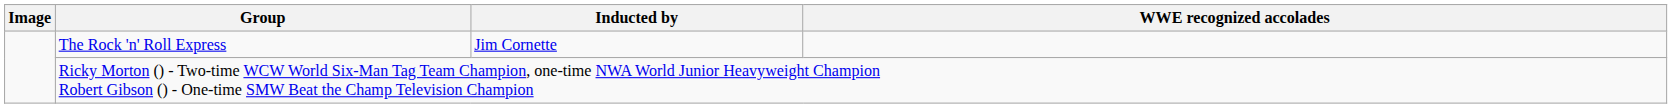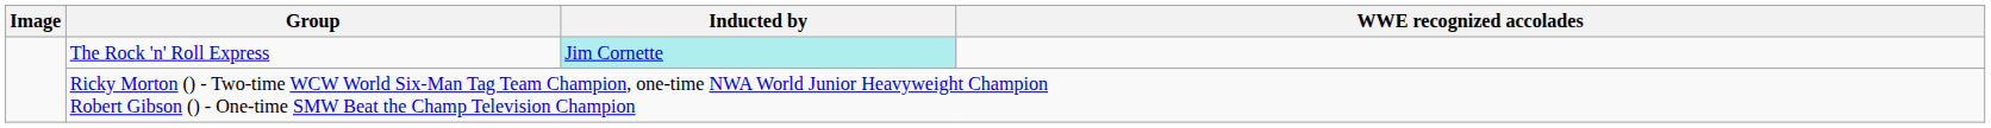 <table class="wikitable" style="font-size: 95%">
 <tr>
 <th style="width:1%;">Image</th>
 <th style="width:25%;">Group</th>
 <th style="width:20%;">Inducted by</th>
 <th class="unsortable">WWE recognized accolades</th>
 </tr>
 <tr>
 <td rowspan=2></td>
 <td><a href='#'>The Rock 'n' Roll Express</a></td>
-<td><a href='#'>Jim Cornette</a></td>
+<td style="background: paleturquoise;"><a href='#'>Jim Cornette</a></td>
 <td></td>
 </tr>
 <tr>
 <td colspan=3><a href='#'>Ricky Morton</a> () - Two-time <a href='#'>WCW World Six-Man Tag Team Champion</a>, one-time <a href='#'>NWA World Junior Heavyweight Champion</a><br><a href='#'>Robert Gibson</a> () - One-time <a href='#'>SMW Beat the Champ Television Champion</a></td>
 </tr>
 </table>
